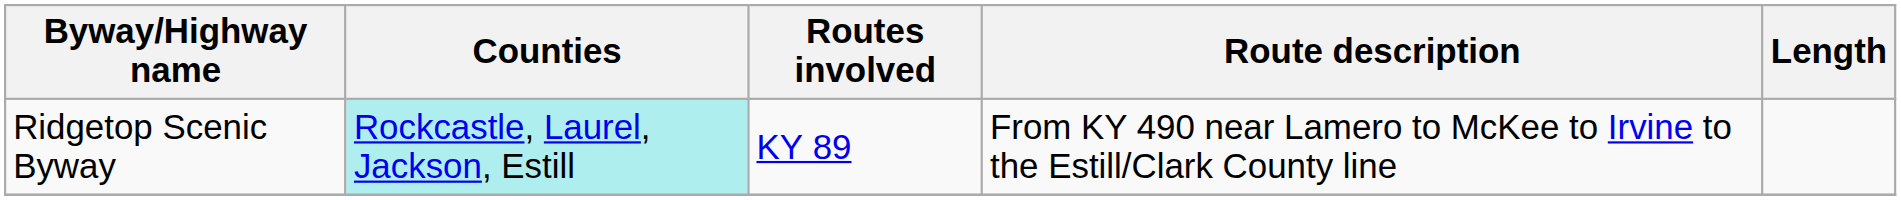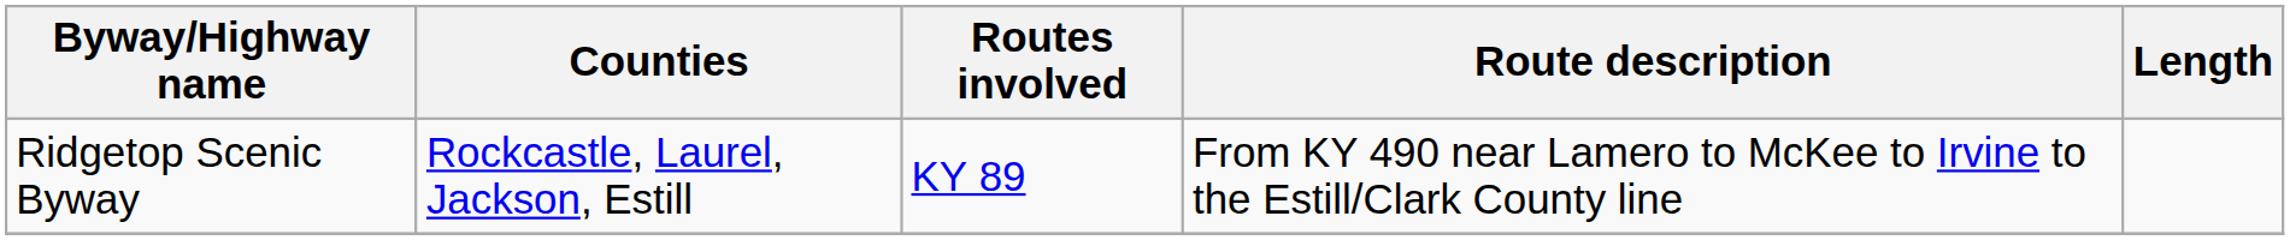 <table class="wikitable">
 <tr>
 <th>Byway/Highway name</th>
 <th>Counties</th>
 <th>Routes involved</th>
 <th>Route description</th>
 <th>Length</th>
 </tr>
 <tr>
 <td>Ridgetop Scenic Byway</td>
-<td style="background: paleturquoise;"><a href='#'>Rockcastle</a>, <a href='#'>Laurel</a>, <a href='#'>Jackson</a>, Estill</td>
+<td><a href='#'>Rockcastle</a>, <a href='#'>Laurel</a>, <a href='#'>Jackson</a>, Estill</td>
 <td><a href='#'>KY 89</a></td>
 <td>From KY 490 near Lamero to McKee to <a href='#'>Irvine</a> to the Estill/Clark County line</td>
 <td></td>
 </tr>
 <tr>
 </tr>
 </table>
